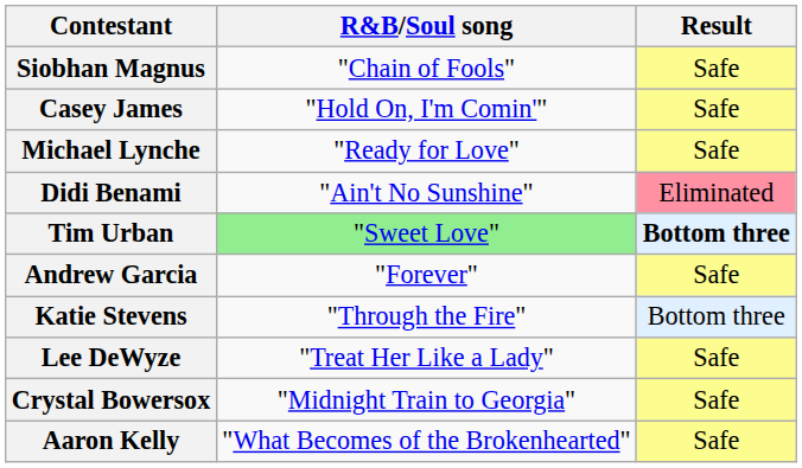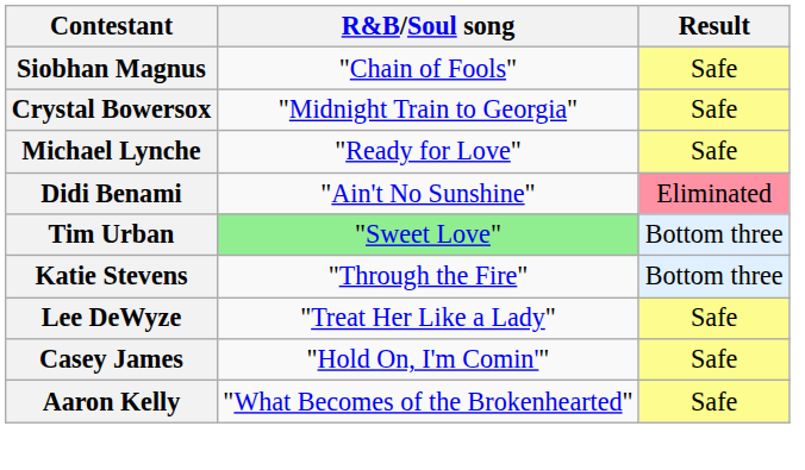 <table class="wikitable unsortable" style="text-align:center;">
 <tr>
 <th scope="col">Contestant</th>
 <th scope="col"><a href='#'>R&B</a>/<a href='#'>Soul</a> song</th>
 <th scope="col">Result</th>
 </tr>
 <tr>
 <th scope="row">Siobhan Magnus</th>
 <td>"<a href='#'>Chain of Fools</a>"</td>
 <td style="background:#FDFC8F">Safe</td>
 </tr>
 <tr>
-<th scope="row">Casey James</th>
-<td>"<a href='#'>Hold On, I'm Comin'</a>"</td>
+<th scope="row">Crystal Bowersox</th>
+<td>"<a href='#'>Midnight Train to Georgia</a>"</td>
 <td style="background:#FDFC8F">Safe</td>
 </tr>
 <tr>
 <th scope="row">Michael Lynche</th>
 <td>"<a href='#'>Ready for Love</a>"</td>
 <td style="background:#FDFC8F">Safe</td>
 </tr>
 <tr>
 <th scope="row">Didi Benami</th>
 <td>"<a href='#'>Ain't No Sunshine</a>"</td>
 <td bgcolor="FF91A4">Eliminated</td>
 </tr>
 <tr>
 <th scope="row">Tim Urban</th>
 <td style="background: lightgreen;">"<a href='#'>Sweet Love</a>"</td>
-<td bgcolor="E0F0FF"><strong>Bottom three</strong></td>
-</tr>
-<tr>
-<th scope="row">Andrew Garcia</th>
-<td>"<a href='#'>Forever</a>"</td>
-<td Style="background:#FDFC8F">Safe</td>
+<td bgcolor="E0F0FF">Bottom three</td>
 </tr>
 <tr>
 <th scope="row">Katie Stevens</th>
 <td>"<a href='#'>Through the Fire</a>"</td>
 <td bgcolor="E0F0FF">Bottom three</td>
 </tr>
 <tr>
 <th scope="row">Lee DeWyze</th>
 <td>"<a href='#'>Treat Her Like a Lady</a>"</td>
 <td style="background:#FDFC8F">Safe</td>
 </tr>
 <tr>
-<th scope="row">Crystal Bowersox</th>
-<td>"<a href='#'>Midnight Train to Georgia</a>"</td>
+<th scope="row">Casey James</th>
+<td>"<a href='#'>Hold On, I'm Comin'</a>"</td>
 <td style="background:#FDFC8F">Safe</td>
 </tr>
 <tr>
 <th scope="row">Aaron Kelly</th>
 <td>"<a href='#'>What Becomes of the Brokenhearted</a>"</td>
 <td style="background:#FDFC8F">Safe</td>
 </tr>
 </table>
